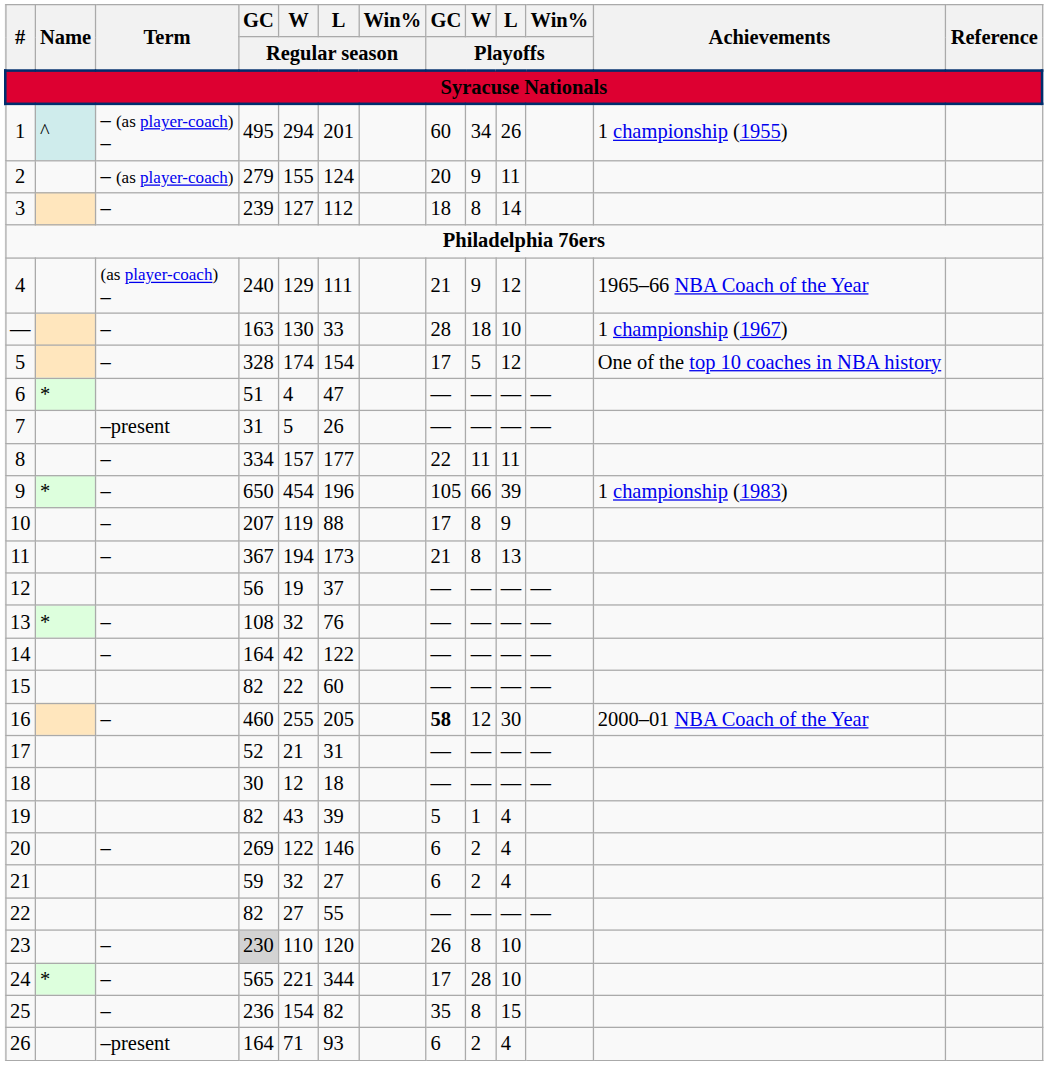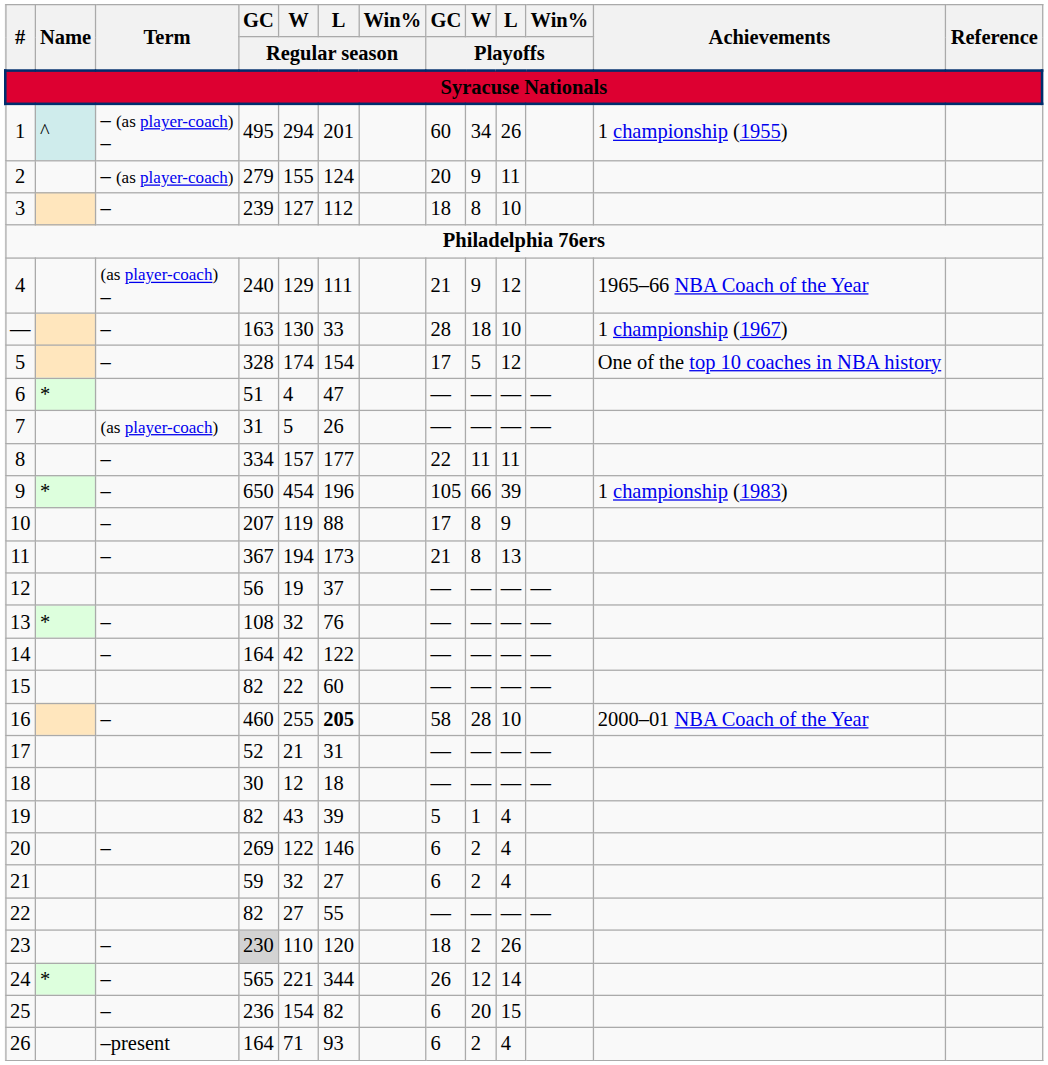 <table class="wikitable sortable">
 <tr>
 <th rowspan="2">#</th>
 <th rowspan="2">Name</th>
 <th rowspan="2">Term</th>
 <th>GC</th>
 <th>W</th>
 <th>L</th>
 <th>Win%</th>
 <th>GC</th>
 <th>W</th>
 <th>L</th>
 <th>Win%</th>
 <th rowspan="2" class=unsortable>Achievements</th>
 <th rowspan="2" class=unsortable>Reference</th>
 </tr>
 <tr class="unsortable">
 <th colspan="4">Regular season</th>
 <th colspan="4">Playoffs</th>
 </tr>
 <tr>
 <td align=center colspan="16" style="border:2px solid #002E6D; background-color:#DD0031;"><span><strong>Syracuse Nationals</strong></span></td>
 </tr>
 <tr>
 <td align=center>1</td>
 <td bgcolor="#CFECEC">^</td>
 <td>– <small>(as <a href='#'>player-coach</a>)</small><br>–</td>
 <td>495</td>
 <td>294</td>
 <td>201</td>
 <td></td>
 <td>60</td>
 <td>34</td>
 <td>26</td>
 <td></td>
 <td>1 <a href='#'>championship</a> (<a href='#'>1955</a>)</td>
 <td align=center></td>
 </tr>
 <tr>
 <td align=center>2</td>
 <td></td>
 <td>– <small>(as <a href='#'>player-coach</a>)</small></td>
 <td>279</td>
 <td>155</td>
 <td>124</td>
 <td></td>
 <td>20</td>
 <td>9</td>
 <td>11</td>
 <td></td>
 <td></td>
 <td align=center></td>
 </tr>
 <tr>
 <td align=center>3</td>
 <td bgcolor="#FFE6BD"></td>
 <td>–</td>
 <td>239</td>
 <td>127</td>
 <td>112</td>
 <td></td>
 <td>18</td>
 <td>8</td>
-<td>14</td>
+<td>10</td>
 <td></td>
 <td></td>
 <td align=center></td>
 </tr>
 <tr>
 <td align=center colspan="16"><strong>Philadelphia 76ers</strong></td>
 </tr>
 <tr>
 <td align=center>4</td>
 <td></td>
 <td> <small>(as <a href='#'>player-coach</a>)</small><br>–</td>
 <td>240</td>
 <td>129</td>
 <td>111</td>
 <td></td>
 <td>21</td>
 <td>9</td>
 <td>12</td>
 <td></td>
 <td>1965–66 <a href='#'>NBA Coach of the Year</a></td>
 <td align=center></td>
 </tr>
 <tr>
 <td align=center>—</td>
 <td bgcolor="#FFE6BD"></td>
 <td>–</td>
 <td>163</td>
 <td>130</td>
 <td>33</td>
 <td></td>
 <td>28</td>
 <td>18</td>
 <td>10</td>
 <td></td>
 <td>1 <a href='#'>championship</a> (<a href='#'>1967</a>)</td>
 <td align=center></td>
 </tr>
 <tr>
 <td align=center>5</td>
 <td bgcolor="#FFE6BD"></td>
 <td>–</td>
 <td>328</td>
 <td>174</td>
 <td>154</td>
 <td></td>
 <td>17</td>
 <td>5</td>
 <td>12</td>
 <td></td>
 <td>One of the <a href='#'>top 10 coaches in NBA history</a></td>
 <td align=center></td>
 </tr>
 <tr>
 <td align=center>6</td>
 <td bgcolor="#ddffdd">*</td>
 <td></td>
 <td>51</td>
 <td>4</td>
 <td>47</td>
 <td></td>
 <td>—</td>
 <td>—</td>
 <td>—</td>
 <td>—</td>
 <td></td>
 <td align=center></td>
 </tr>
 <tr>
 <td align=center>7</td>
 <td></td>
-<td>–present</td>
+<td> <small>(as <a href='#'>player-coach</a>)</small></td>
 <td>31</td>
 <td>5</td>
 <td>26</td>
 <td></td>
 <td>—</td>
 <td>—</td>
 <td>—</td>
 <td>—</td>
 <td></td>
 <td align=center></td>
 </tr>
 <tr>
 <td align=center>8</td>
 <td></td>
 <td>–</td>
 <td>334</td>
 <td>157</td>
 <td>177</td>
 <td></td>
 <td>22</td>
 <td>11</td>
 <td>11</td>
 <td></td>
 <td></td>
 <td align=center></td>
 </tr>
 <tr>
 <td align=center>9</td>
 <td bgcolor="#ddffdd">*</td>
 <td>–</td>
 <td>650</td>
 <td>454</td>
 <td>196</td>
 <td></td>
 <td>105</td>
 <td>66</td>
 <td>39</td>
 <td></td>
 <td>1 <a href='#'>championship</a> (<a href='#'>1983</a>)</td>
 <td align=center></td>
 </tr>
 <tr>
 <td align=center>10</td>
 <td></td>
 <td>–</td>
 <td>207</td>
 <td>119</td>
 <td>88</td>
 <td></td>
 <td>17</td>
 <td>8</td>
 <td>9</td>
 <td></td>
 <td></td>
 <td align=center></td>
 </tr>
 <tr>
 <td align=center>11</td>
 <td></td>
 <td>–</td>
 <td>367</td>
 <td>194</td>
 <td>173</td>
 <td></td>
 <td>21</td>
 <td>8</td>
 <td>13</td>
 <td></td>
 <td></td>
 <td align=center></td>
 </tr>
 <tr>
 <td align=center>12</td>
 <td></td>
 <td></td>
 <td>56</td>
 <td>19</td>
 <td>37</td>
 <td></td>
 <td>—</td>
 <td>—</td>
 <td>—</td>
 <td>—</td>
 <td></td>
 <td align=center></td>
 </tr>
 <tr>
 <td align=center>13</td>
 <td bgcolor="#ddffdd">*</td>
 <td>–</td>
 <td>108</td>
 <td>32</td>
 <td>76</td>
 <td></td>
 <td>—</td>
 <td>—</td>
 <td>—</td>
 <td>—</td>
 <td></td>
 <td align=center></td>
 </tr>
 <tr>
 <td align=center>14</td>
 <td></td>
 <td>–</td>
 <td>164</td>
 <td>42</td>
 <td>122</td>
 <td></td>
 <td>—</td>
 <td>—</td>
 <td>—</td>
 <td>—</td>
 <td></td>
 <td align=center></td>
 </tr>
 <tr>
 <td align=center>15</td>
 <td></td>
 <td></td>
 <td>82</td>
 <td>22</td>
 <td>60</td>
 <td></td>
 <td>—</td>
 <td>—</td>
 <td>—</td>
 <td>—</td>
 <td></td>
 <td align=center></td>
 </tr>
 <tr>
 <td align=center>16</td>
 <td bgcolor="#FFE6BD"></td>
 <td>–</td>
 <td>460</td>
 <td>255</td>
-<td>205</td>
+<td><strong>205</strong></td>
 <td></td>
-<td><strong>58</strong></td>
-<td>12</td>
-<td>30</td>
+<td>58</td>
+<td>28</td>
+<td>10</td>
 <td></td>
 <td>2000–01 <a href='#'>NBA Coach of the Year</a></td>
 <td align=center></td>
 </tr>
 <tr>
 <td align=center>17</td>
 <td></td>
 <td></td>
 <td>52</td>
 <td>21</td>
 <td>31</td>
 <td></td>
 <td>—</td>
 <td>—</td>
 <td>—</td>
 <td>—</td>
 <td></td>
 <td align=center></td>
 </tr>
 <tr>
 <td align=center>18</td>
 <td></td>
 <td></td>
 <td>30</td>
 <td>12</td>
 <td>18</td>
 <td></td>
 <td>—</td>
 <td>—</td>
 <td>—</td>
 <td>—</td>
 <td></td>
 <td align=center></td>
 </tr>
 <tr>
 <td align=center>19</td>
 <td></td>
 <td></td>
 <td>82</td>
 <td>43</td>
 <td>39</td>
 <td></td>
 <td>5</td>
 <td>1</td>
 <td>4</td>
 <td></td>
 <td></td>
 <td align=center></td>
 </tr>
 <tr>
 <td align=center>20</td>
 <td></td>
 <td>–</td>
 <td>269</td>
 <td>122</td>
 <td>146</td>
 <td></td>
 <td>6</td>
 <td>2</td>
 <td>4</td>
 <td></td>
 <td></td>
 <td align=center></td>
 </tr>
 <tr>
 <td align=center>21</td>
 <td></td>
 <td></td>
 <td>59</td>
 <td>32</td>
 <td>27</td>
 <td></td>
 <td>6</td>
 <td>2</td>
 <td>4</td>
 <td></td>
 <td></td>
 <td align=center></td>
 </tr>
 <tr>
 <td align=center>22</td>
 <td></td>
 <td></td>
 <td>82</td>
 <td>27</td>
 <td>55</td>
 <td></td>
 <td>—</td>
 <td>—</td>
 <td>—</td>
 <td>—</td>
 <td></td>
 <td align=center></td>
 </tr>
 <tr>
 <td align=center>23</td>
 <td></td>
 <td>–</td>
 <td style="background: lightgrey;">230</td>
 <td>110</td>
 <td>120</td>
 <td></td>
+<td>18</td>
+<td>2</td>
 <td>26</td>
-<td>8</td>
-<td>10</td>
 <td></td>
 <td></td>
 <td align=center></td>
 </tr>
 <tr>
 <td align=center>24</td>
 <td style="background-color:#ddffdd">*</td>
 <td>–</td>
 <td>565</td>
 <td>221</td>
 <td>344</td>
 <td></td>
-<td>17</td>
-<td>28</td>
-<td>10</td>
+<td>26</td>
+<td>12</td>
+<td>14</td>
 <td></td>
 <td></td>
 <td align=center></td>
 </tr>
 <tr>
 <td align=center>25</td>
 <td></td>
 <td>–</td>
 <td>236</td>
 <td>154</td>
 <td>82</td>
 <td></td>
-<td>35</td>
-<td>8</td>
+<td>6</td>
+<td>20</td>
 <td>15</td>
 <td></td>
 <td></td>
 <td align=center></td>
 </tr>
 <tr>
 <td align=center>26</td>
 <td></td>
 <td>–present</td>
 <td>164</td>
 <td>71</td>
 <td>93</td>
 <td></td>
 <td>6</td>
 <td>2</td>
 <td>4</td>
 <td></td>
 <td></td>
 <td align=center></td>
 </tr>
 </table>
